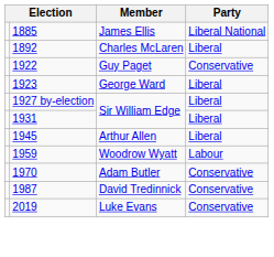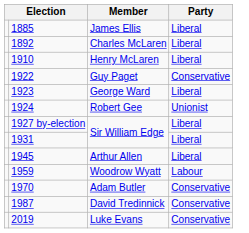 <table class="wikitable">
 <tr>
 <th colspan="2">Election</th>
 <th>Member</th>
 <th>Party</th>
 </tr>
 <tr>
 <td style="color:inherit;background-color: "></td>
 <td><a href='#'>1885</a></td>
 <td><a href='#'>James Ellis</a></td>
-<td><a href='#'>Liberal National</a></td>
+<td><a href='#'>Liberal</a></td>
 </tr>
 <tr>
 <td style="color:inherit;background-color: "></td>
 <td><a href='#'>1892</a></td>
 <td><a href='#'>Charles McLaren</a></td>
+<td><a href='#'>Liberal</a></td>
+</tr>
+<tr>
+<td style="color:inherit;background-color: "></td>
+<td><a href='#'>1910</a></td>
+<td><a href='#'>Henry McLaren</a></td>
 <td><a href='#'>Liberal</a></td>
 </tr>
 <tr>
 <td style="color:inherit;background-color: "></td>
 <td><a href='#'>1922</a></td>
 <td><a href='#'>Guy Paget</a></td>
 <td><a href='#'>Conservative</a></td>
 </tr>
 <tr>
 <td style="color:inherit;background-color: "></td>
 <td><a href='#'>1923</a></td>
 <td><a href='#'>George Ward</a></td>
 <td><a href='#'>Liberal</a></td>
+</tr>
+<tr>
+<td style="color:inherit;background-color: "></td>
+<td><a href='#'>1924</a></td>
+<td><a href='#'>Robert Gee</a></td>
+<td><a href='#'>Unionist</a></td>
 </tr>
 <tr>
 <td style="color:inherit;background-color: "></td>
 <td><a href='#'>1927 by-election</a></td>
 <td rowspan="2"><a href='#'>Sir William Edge</a></td>
 <td><a href='#'>Liberal</a></td>
 </tr>
 <tr>
 <td style="color:inherit;background-color: "></td>
 <td><a href='#'>1931</a></td>
 <td><a href='#'>Liberal</a></td>
 </tr>
 <tr>
 <td style="color:inherit;background-color: "></td>
 <td><a href='#'>1945</a></td>
 <td><a href='#'>Arthur Allen</a></td>
 <td><a href='#'>Liberal</a></td>
 </tr>
 <tr>
 <td style="color:inherit;background-color: "></td>
 <td><a href='#'>1959</a></td>
 <td><a href='#'>Woodrow Wyatt</a></td>
 <td><a href='#'>Labour</a></td>
 </tr>
 <tr>
 <td style="color:inherit;background-color: "></td>
 <td><a href='#'>1970</a></td>
 <td><a href='#'>Adam Butler</a></td>
 <td><a href='#'>Conservative</a></td>
 </tr>
 <tr>
 <td style="color:inherit;background-color: "></td>
 <td><a href='#'>1987</a></td>
 <td><a href='#'>David Tredinnick</a></td>
 <td><a href='#'>Conservative</a></td>
 </tr>
 <tr>
 <td style="color:inherit;background-color: "></td>
 <td><a href='#'>2019</a></td>
 <td><a href='#'>Luke Evans</a></td>
 <td><a href='#'>Conservative</a></td>
 </tr>
 </table>
